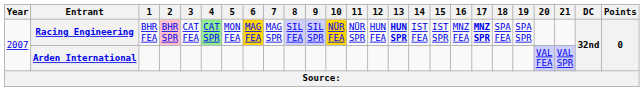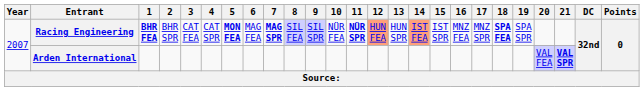 <table class="wikitable" style="text-align:center; font-size:85%">
 <tr>
 <th>Year</th>
 <th>Entrant</th>
 <th>1</th>
 <th>2</th>
 <th>3</th>
 <th>4</th>
 <th>5</th>
 <th>6</th>
 <th>7</th>
 <th>8</th>
 <th>9</th>
 <th>10</th>
 <th>11</th>
 <th>12</th>
 <th>13</th>
 <th>14</th>
 <th>15</th>
 <th>16</th>
 <th>17</th>
 <th>18</th>
 <th>19</th>
 <th>20</th>
 <th>21</th>
 <th>DC</th>
 <th>Points</th>
 </tr>
 <tr>
 <td rowspan=2><a href='#'>2007</a></td>
 <th nowrap><a href='#'>Racing Engineering</a></th>
-<td><a href='#'>BHR<br>FEA</a></td>
-<td style="background: pink;"><a href='#'>BHR<br>SPR</a></td>
+<td><strong><a href='#'>BHR<br>FEA</a></strong></td>
+<td><a href='#'>BHR<br>SPR</a></td>
 <td><a href='#'>CAT<br>FEA</a></td>
-<td style="background: lightgreen;"><a href='#'>CAT<br>SPR</a></td>
-<td><a href='#'>MON<br>FEA</a></td>
-<td style="background: gold;"><a href='#'>MAG<br>FEA</a></td>
-<td><a href='#'>MAG<br>SPR</a></td>
+<td><a href='#'>CAT<br>SPR</a></td>
+<td><strong><a href='#'>MON<br>FEA</a></strong></td>
+<td><a href='#'>MAG<br>FEA</a></td>
+<td><strong><a href='#'>MAG<br>SPR</a></strong></td>
 <td style="background:#CFCFFF;"><a href='#'>SIL<br>FEA</a><br></td>
 <td style="background:#CFCFFF;"><a href='#'>SIL<br>SPR</a><br></td>
-<td style="background: gold;"><a href='#'>NÜR<br>FEA</a></td>
-<td><a href='#'>NÜR<br>SPR</a></td>
-<td><a href='#'>HUN<br>FEA</a></td>
-<td><strong><a href='#'>HUN<br>SPR</a></strong></td>
-<td><a href='#'>IST<br>FEA</a></td>
+<td><a href='#'>NÜR<br>FEA</a></td>
+<td><strong><a href='#'>NÜR<br>SPR</a></strong></td>
+<td style="background: lightsalmon;"><a href='#'>HUN<br>FEA</a></td>
+<td><a href='#'>HUN<br>SPR</a></td>
+<td style="background: lightsalmon;"><a href='#'>IST<br>FEA</a></td>
 <td><a href='#'>IST<br>SPR</a></td>
 <td><a href='#'>MNZ<br>FEA</a></td>
-<td><strong><a href='#'>MNZ<br>SPR</a></strong></td>
-<td><a href='#'>SPA<br>FEA</a></td>
+<td><a href='#'>MNZ<br>SPR</a></td>
+<td><strong><a href='#'>SPA<br>FEA</a></strong></td>
 <td><a href='#'>SPA<br>SPR</a></td>
 <td></td>
 <td></td>
 <th rowspan=2>32nd</th>
 <th rowspan=2>0</th>
 </tr>
 <tr>
 <th nowrap><a href='#'>Arden International</a></th>
 <td></td>
 <td></td>
 <td></td>
 <td></td>
 <td></td>
 <td></td>
 <td></td>
 <td></td>
 <td></td>
 <td></td>
 <td></td>
 <td></td>
 <td></td>
 <td></td>
 <td></td>
 <td></td>
 <td></td>
 <td></td>
 <td></td>
 <td style="background:#CFCFFF;"><a href='#'>VAL<br>FEA</a><br></td>
-<td style="background:#CFCFFF;"><a href='#'>VAL<br>SPR</a><br></td>
+<td style="background:#CFCFFF;"><strong><a href='#'>VAL<br>SPR</a><br></strong></td>
 </tr>
 <tr>
 <th colspan="25">Source:</th>
 </tr>
 </table>
